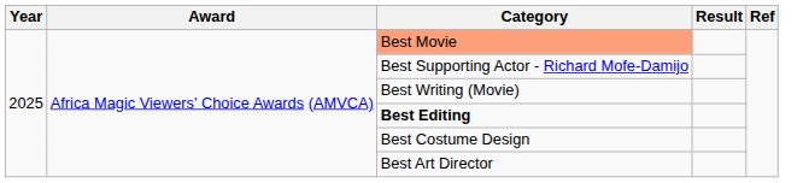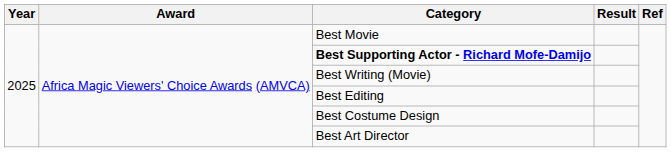 <table class="wikitable">
 <tr>
 <th>Year</th>
 <th>Award</th>
 <th>Category</th>
 <th>Result</th>
 <th>Ref</th>
 </tr>
 <tr>
 <td rowspan="6">2025</td>
 <td rowspan="6"><a href='#'>Africa Magic Viewers' Choice Awards</a> <a href='#'>(AMVCA)</a></td>
-<td style="background: lightsalmon;">Best Movie</td>
+<td>Best Movie</td>
 <td></td>
 <td rowspan="6"></td>
 </tr>
 <tr>
-<td>Best Supporting Actor - <a href='#'>Richard Mofe-Damijo</a></td>
+<td><strong>Best Supporting Actor - <a href='#'>Richard Mofe-Damijo</a></strong></td>
 <td></td>
 </tr>
 <tr>
 <td>Best Writing (Movie)</td>
 <td></td>
 </tr>
 <tr>
-<td><strong>Best Editing</strong></td>
+<td>Best Editing</td>
 <td></td>
 </tr>
 <tr>
 <td>Best Costume Design</td>
 <td></td>
 </tr>
 <tr>
 <td>Best Art Director</td>
 <td></td>
 </tr>
 </table>
